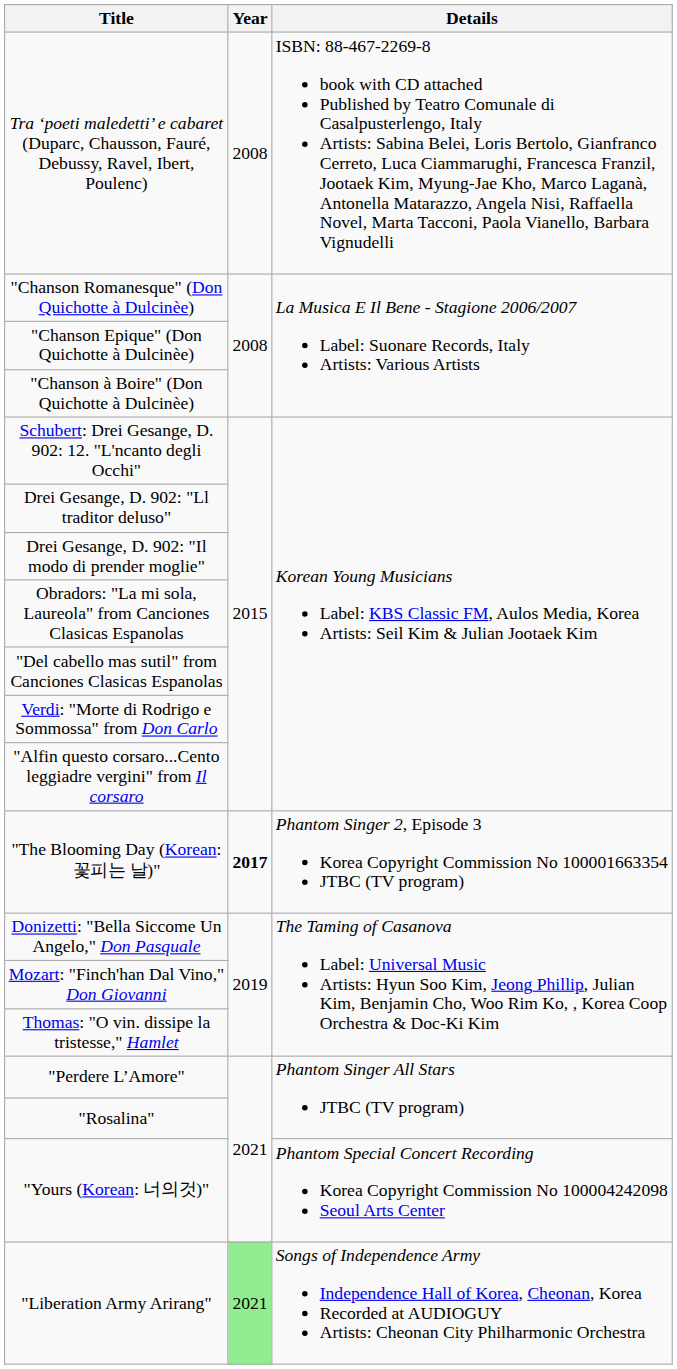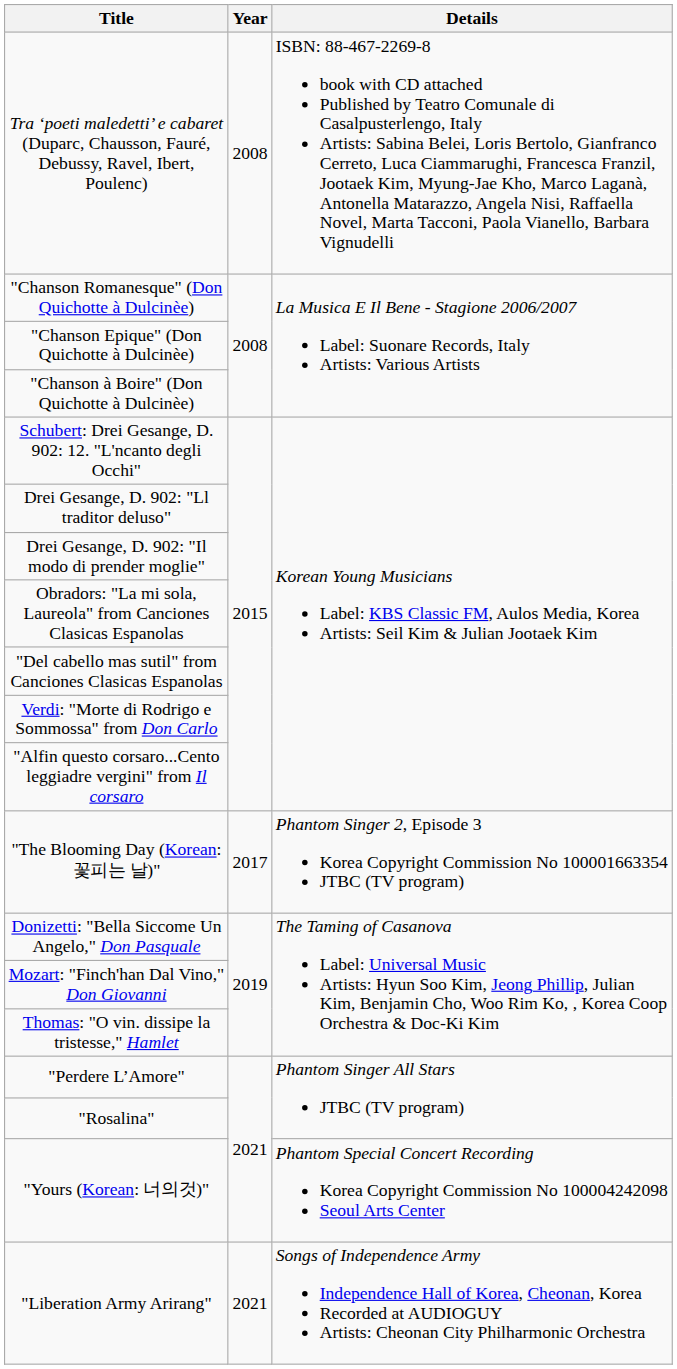 <table class="wikitable">
 <tr>
 <th><strong>Title</strong></th>
 <th><strong>Year</strong></th>
 <th style="width: 60%;"><strong>Details</strong></th>
 </tr>
 <tr>
 <td style="text-align: center;"><em>Tra ‘poeti maledetti’ e cabaret</em><br>(Duparc, Chausson, Fauré, Debussy, Ravel, Ibert, Poulenc)</td>
 <td>2008</td>
 <td>ISBN: 88-467-2269-8<br><ul><li>book with CD attached</li><li>Published by Teatro Comunale di Casalpusterlengo, Italy</li><li>Artists: Sabina Belei, Loris Bertolo, Gianfranco Cerreto, Luca Ciammarughi, Francesca Franzil, Jootaek Kim, Myung-Jae Kho, Marco Laganà, Antonella Matarazzo, Angela Nisi, Raffaella Novel, Marta Tacconi, Paola Vianello, Barbara Vignudelli</li></ul></td>
 </tr>
 <tr>
 <td style="text-align: center;">"Chanson Romanesque" (<a href='#'>Don Quichotte à Dulcinèe</a>)</td>
 <td rowspan="3">2008</td>
 <td rowspan="3"><em>La Musica E Il Bene - Stagione 2006/2007</em><br><ul><li>Label: Suonare Records, Italy</li><li>Artists: Various Artists</li></ul></td>
 </tr>
 <tr>
 <td style="text-align: center;">"Chanson Epique" (Don Quichotte à Dulcinèe)</td>
 </tr>
 <tr>
 <td style="text-align: center;">"Chanson à Boire" (Don Quichotte à Dulcinèe)</td>
 </tr>
 <tr>
 <td style="text-align: center;"><a href='#'>Schubert</a>: Drei Gesange, D. 902: 12. "L'ncanto degli Occhi"</td>
 <td rowspan="7">2015</td>
 <td rowspan="7"><em>Korean Young Musicians</em><br><ul><li>Label: <a href='#'>KBS Classic FM</a>, Aulos Media, Korea</li><li>Artists: Seil Kim & Julian Jootaek Kim</li></ul></td>
 </tr>
 <tr>
 <td style="text-align: center;">Drei Gesange, D. 902: "Ll traditor deluso"</td>
 </tr>
 <tr>
 <td style="text-align: center;">Drei Gesange, D. 902: "Il modo di prender moglie"</td>
 </tr>
 <tr>
 <td style="text-align: center;">Obradors: "La mi sola, Laureola" from Canciones Clasicas Espanolas</td>
 </tr>
 <tr>
 <td style="text-align: center;">"Del cabello mas sutil" from Canciones Clasicas Espanolas</td>
 </tr>
 <tr>
 <td style="text-align: center;"><a href='#'>Verdi</a>: "Morte di Rodrigo e Sommossa" from <a href='#'><em>Don Carlo</em></a></td>
 </tr>
 <tr>
 <td style="text-align: center;">"Alfin questo corsaro...Cento leggiadre vergini" from <em><a href='#'>Il corsaro</a></em></td>
 </tr>
 <tr>
 <td style="text-align: center;">"The Blooming Day (<a href='#'>Korean</a>: 꽃피는 날)"</td>
-<td><strong>2017</strong></td>
+<td>2017</td>
 <td><em>Phantom Singer 2</em>, Episode 3<br><ul><li>Korea Copyright Commission No 100001663354</li><li>JTBC (TV program)</li></ul></td>
 </tr>
 <tr>
 <td style="text-align: center;"><a href='#'>Donizetti</a>: "Bella Siccome Un Angelo," <em><a href='#'>Don Pasquale</a></em></td>
 <td rowspan="3">2019</td>
 <td rowspan="3"><em>The Taming of Casanova</em><br><ul><li>Label: <a href='#'>Universal Music</a></li><li>Artists: Hyun Soo Kim, <a href='#'>Jeong Phillip</a>, Julian Kim, Benjamin Cho, Woo Rim Ko, , Korea Coop Orchestra & Doc-Ki Kim</li></ul></td>
 </tr>
 <tr>
 <td style="text-align: center;"><a href='#'>Mozart</a>: "Finch'han Dal Vino," <em><a href='#'>Don Giovanni</a></em></td>
 </tr>
 <tr>
 <td style="text-align: center;"><a href='#'>Thomas</a>: "O vin. dissipe la tristesse," <a href='#'><em>Hamlet</em></a></td>
 </tr>
 <tr>
 <td style="text-align: center;">"Perdere L’Amore"</td>
 <td rowspan="3">2021</td>
 <td rowspan="2"><em>Phantom Singer All Stars</em><br><ul><li>JTBC (TV program)</li></ul></td>
 </tr>
 <tr>
 <td style="text-align: center;">"Rosalina"</td>
 </tr>
 <tr>
 <td style="text-align: center;">"Yours (<a href='#'>Korean</a>: 너의것)"</td>
 <td><em>Phantom Special Concert Recording</em><br><ul><li>Korea Copyright Commission No 100004242098</li><li><a href='#'>Seoul Arts Center</a></li></ul></td>
 </tr>
 <tr>
 <td style="text-align: center;">"Liberation Army Arirang"</td>
-<td style="background: lightgreen;">2021</td>
+<td>2021</td>
 <td><em>Songs of Independence Army</em><br><ul><li><a href='#'>Independence Hall of Korea</a>, <a href='#'>Cheonan</a>, Korea</li><li>Recorded at AUDIOGUY</li><li>Artists: Cheonan City Philharmonic Orchestra</li></ul></td>
 </tr>
 </table>
